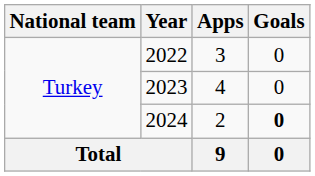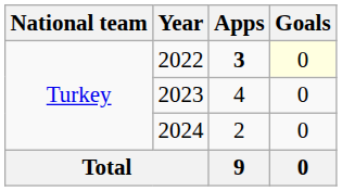 <table class="wikitable" style="text-align:center">
 <tr>
 <th>National team</th>
 <th>Year</th>
 <th>Apps</th>
 <th>Goals</th>
 </tr>
 <tr>
 <td rowspan="3"><a href='#'>Turkey</a></td>
 <td>2022</td>
-<td>3</td>
-<td>0</td>
+<td><strong>3</strong></td>
+<td style="background: lightyellow;">0</td>
 </tr>
 <tr>
 <td>2023</td>
 <td>4</td>
 <td>0</td>
 </tr>
 <tr>
 <td>2024</td>
 <td>2</td>
-<td><strong>0</strong></td>
+<td>0</td>
 </tr>
 <tr>
 <th colspan="2">Total</th>
 <th>9</th>
 <th>0</th>
 </tr>
 </table>
